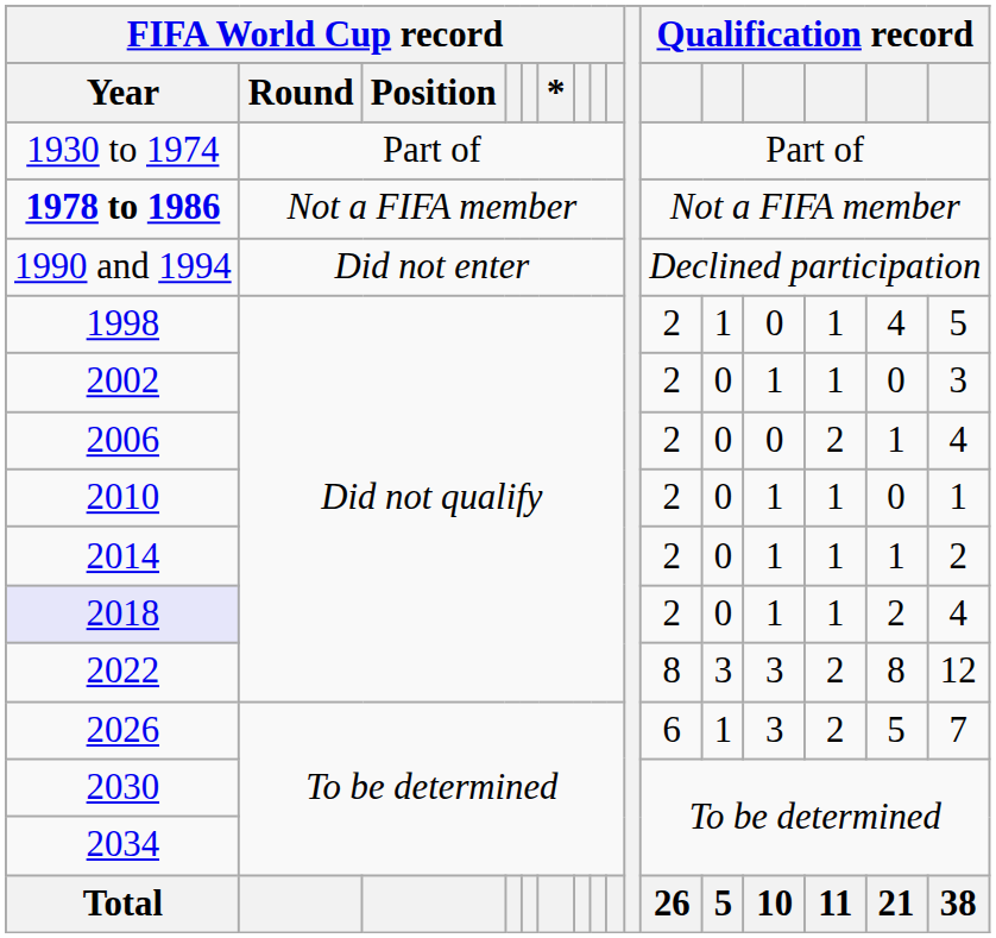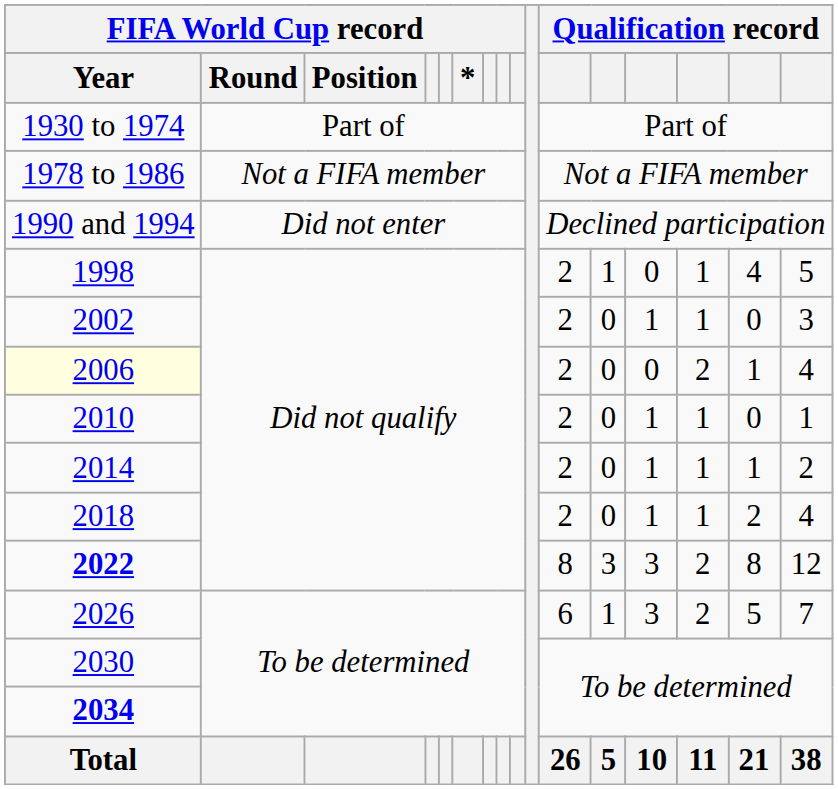 <table class="wikitable" style="text-align: center;">
 <tr>
 <th colspan=9><a href='#'>FIFA World Cup</a> record</th>
 <th rowspan=39></th>
 <th colspan=6><a href='#'>Qualification</a> record</th>
 </tr>
 <tr>
 <th>Year</th>
 <th>Round</th>
 <th>Position</th>
 <th></th>
 <th></th>
 <th>*</th>
 <th></th>
 <th></th>
 <th></th>
 <th></th>
 <th></th>
 <th></th>
 <th></th>
 <th></th>
 <th></th>
 </tr>
 <tr>
 <td><a href='#'>1930</a> to <a href='#'>1974</a></td>
 <td colspan=8>Part of <em></em></td>
 <td colspan=6>Part of <em></em></td>
 </tr>
 <tr>
-<td><strong><a href='#'>1978</a> to <a href='#'>1986</a></strong></td>
+<td><a href='#'>1978</a> to <a href='#'>1986</a></td>
 <td colspan=8><em>Not a FIFA member</em></td>
 <td colspan=6><em>Not a FIFA member</em></td>
 </tr>
 <tr>
 <td><a href='#'>1990</a> and <a href='#'>1994</a></td>
 <td colspan=8><em>Did not enter</em></td>
 <td colspan=6><em>Declined participation</em></td>
 </tr>
 <tr>
 <td> <a href='#'>1998</a></td>
 <td colspan=8 rowspan=7><em>Did not qualify</em></td>
 <td>2</td>
 <td>1</td>
 <td>0</td>
 <td>1</td>
 <td>4</td>
 <td>5</td>
 </tr>
 <tr>
 <td>  <a href='#'>2002</a></td>
 <td>2</td>
 <td>0</td>
 <td>1</td>
 <td>1</td>
 <td>0</td>
 <td>3</td>
 </tr>
 <tr>
-<td> <a href='#'>2006</a></td>
+<td style="background: lightyellow;"> <a href='#'>2006</a></td>
 <td>2</td>
 <td>0</td>
 <td>0</td>
 <td>2</td>
 <td>1</td>
 <td>4</td>
 </tr>
 <tr>
 <td> <a href='#'>2010</a></td>
 <td>2</td>
 <td>0</td>
 <td>1</td>
 <td>1</td>
 <td>0</td>
 <td>1</td>
 </tr>
 <tr>
 <td> <a href='#'>2014</a></td>
 <td>2</td>
 <td>0</td>
 <td>1</td>
 <td>1</td>
 <td>1</td>
 <td>2</td>
 </tr>
 <tr>
-<td style="background: lavender;"> <a href='#'>2018</a></td>
+<td> <a href='#'>2018</a></td>
 <td>2</td>
 <td>0</td>
 <td>1</td>
 <td>1</td>
 <td>2</td>
 <td>4</td>
 </tr>
 <tr>
-<td> <a href='#'>2022</a></td>
+<td><strong> <a href='#'>2022</a></strong></td>
 <td>8</td>
 <td>3</td>
 <td>3</td>
 <td>2</td>
 <td>8</td>
 <td>12</td>
 </tr>
 <tr>
 <td>   <a href='#'>2026</a></td>
 <td colspan=8 rowspan=3><em>To be determined</em></td>
 <td>6</td>
 <td>1</td>
 <td>3</td>
 <td>2</td>
 <td>5</td>
 <td>7</td>
 </tr>
 <tr>
 <td>   <a href='#'>2030</a></td>
 <td colspan=6 rowspan=2><em>To be determined</em></td>
 </tr>
 <tr>
-<td> <a href='#'>2034</a></td>
+<td><strong> <a href='#'>2034</a></strong></td>
 </tr>
 <tr>
 <th>Total</th>
 <th></th>
 <th></th>
 <th></th>
 <th></th>
 <th></th>
 <th></th>
 <th></th>
 <th></th>
 <th>26</th>
 <th>5</th>
 <th>10</th>
 <th>11</th>
 <th>21</th>
 <th>38</th>
 </tr>
 </table>
